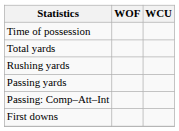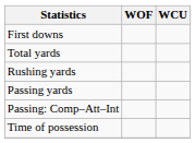 <table class="wikitable" style="float: left;">
 <tr>
 <th>Statistics</th>
 <th>WOF</th>
 <th>WCU</th>
 </tr>
 <tr>
-<td>Time of possession</td>
+<td>First downs</td>
 <td></td>
 <td></td>
 </tr>
 <tr>
 <td>Total yards</td>
 <td></td>
 <td></td>
 </tr>
 <tr>
 <td>Rushing yards</td>
 <td></td>
 <td></td>
 </tr>
 <tr>
 <td>Passing yards</td>
 <td></td>
 <td></td>
 </tr>
 <tr>
 <td>Passing: Comp–Att–Int</td>
 <td></td>
 <td></td>
 </tr>
 <tr>
-<td>First downs</td>
+<td>Time of possession</td>
 <td></td>
 <td></td>
 </tr>
 <tr>
 </tr>
 </table>
